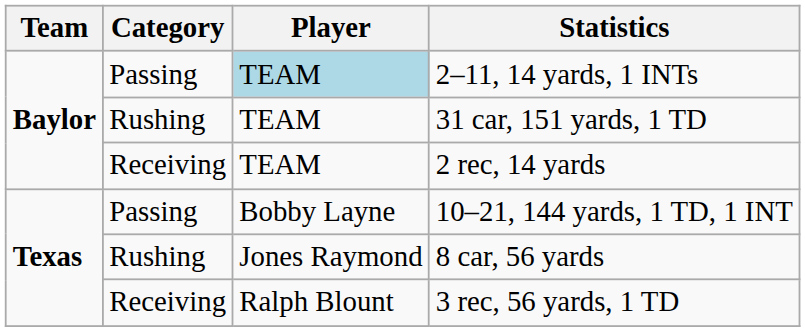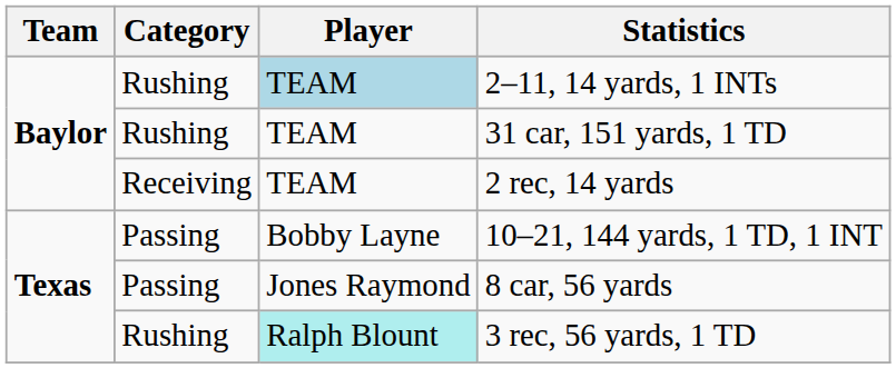 <table class="wikitable" style="float: right;">
 <tr>
 <th>Team</th>
 <th>Category</th>
 <th>Player</th>
 <th>Statistics</th>
 </tr>
 <tr>
 <td rowspan=3><strong>Baylor</strong></td>
-<td>Passing</td>
+<td>Rushing</td>
 <td style="background: lightblue;">TEAM</td>
 <td>2–11, 14 yards, 1 INTs</td>
 </tr>
 <tr>
 <td>Rushing</td>
 <td>TEAM</td>
 <td>31 car, 151 yards, 1 TD</td>
 </tr>
 <tr>
 <td>Receiving</td>
 <td>TEAM</td>
 <td>2 rec, 14 yards</td>
 </tr>
 <tr>
 <td rowspan=3><strong>Texas</strong></td>
 <td>Passing</td>
 <td>Bobby Layne</td>
 <td>10–21, 144 yards, 1 TD, 1 INT</td>
 </tr>
 <tr>
-<td>Rushing</td>
+<td>Passing</td>
 <td>Jones Raymond</td>
 <td>8 car, 56 yards</td>
 </tr>
 <tr>
-<td>Receiving</td>
-<td>Ralph Blount</td>
+<td>Rushing</td>
+<td style="background: paleturquoise;">Ralph Blount</td>
 <td>3 rec, 56 yards, 1 TD</td>
 </tr>
 </table>
